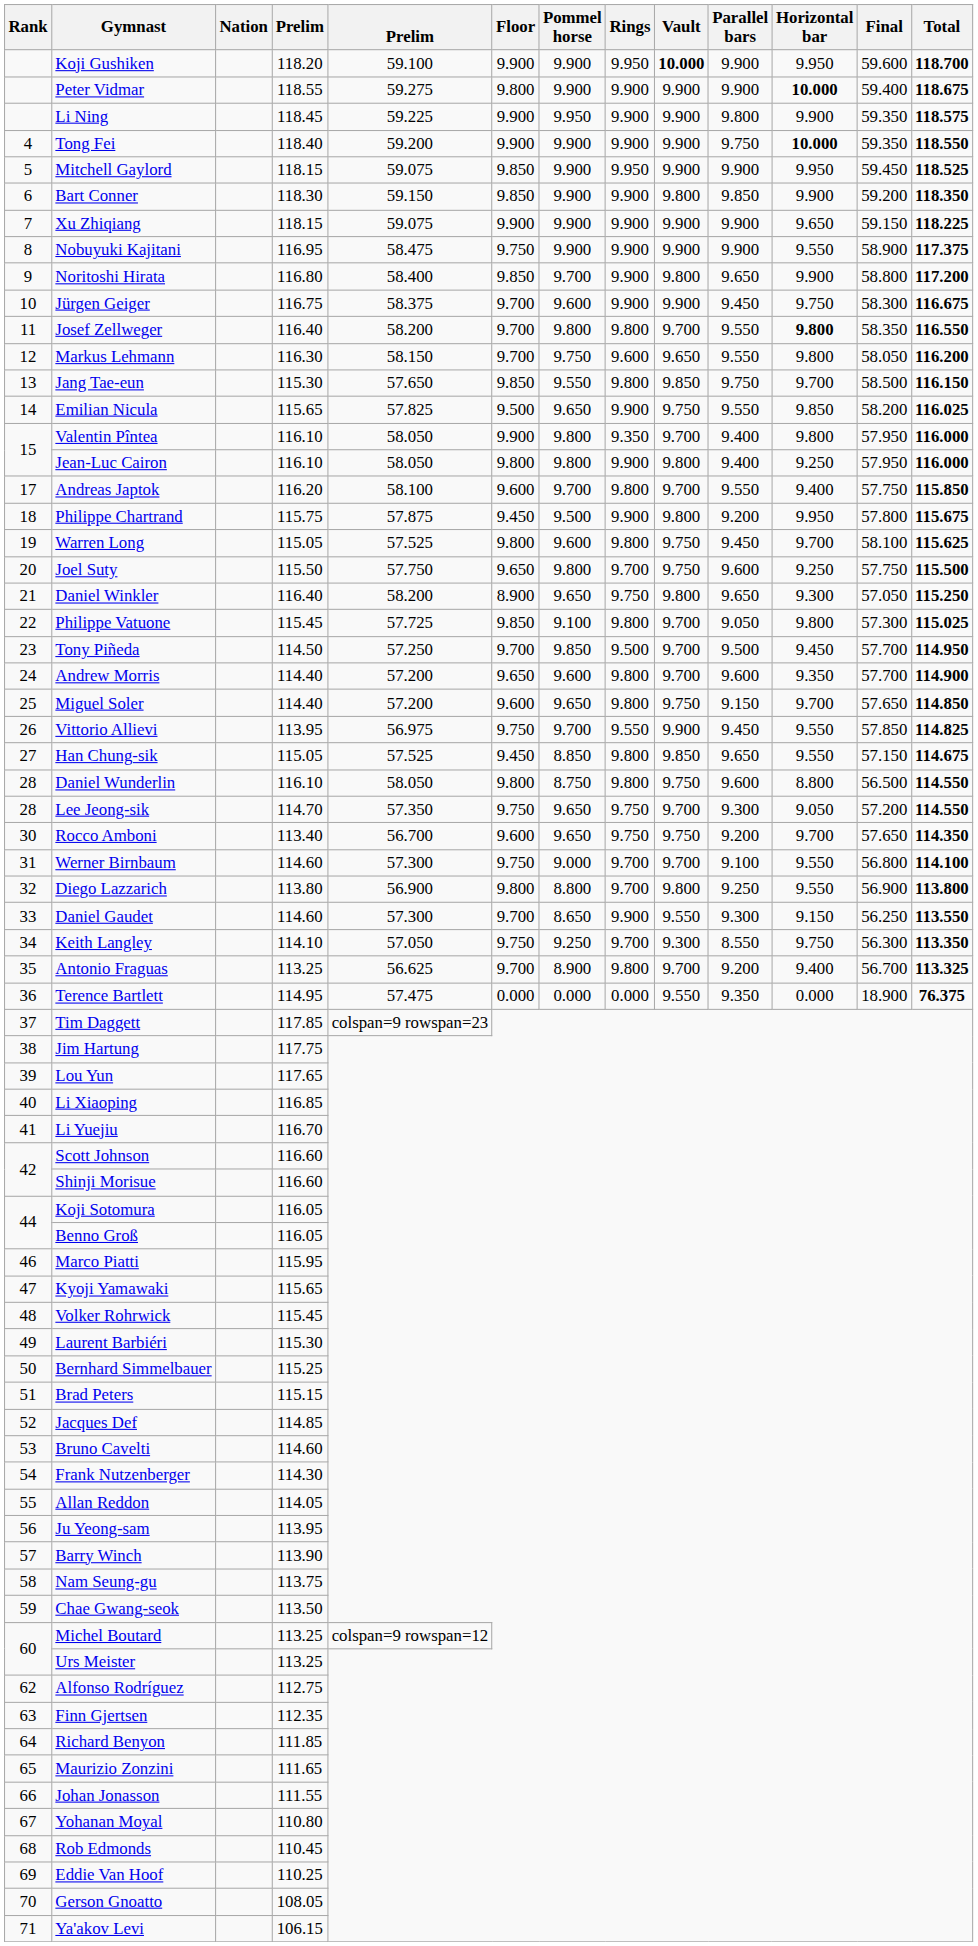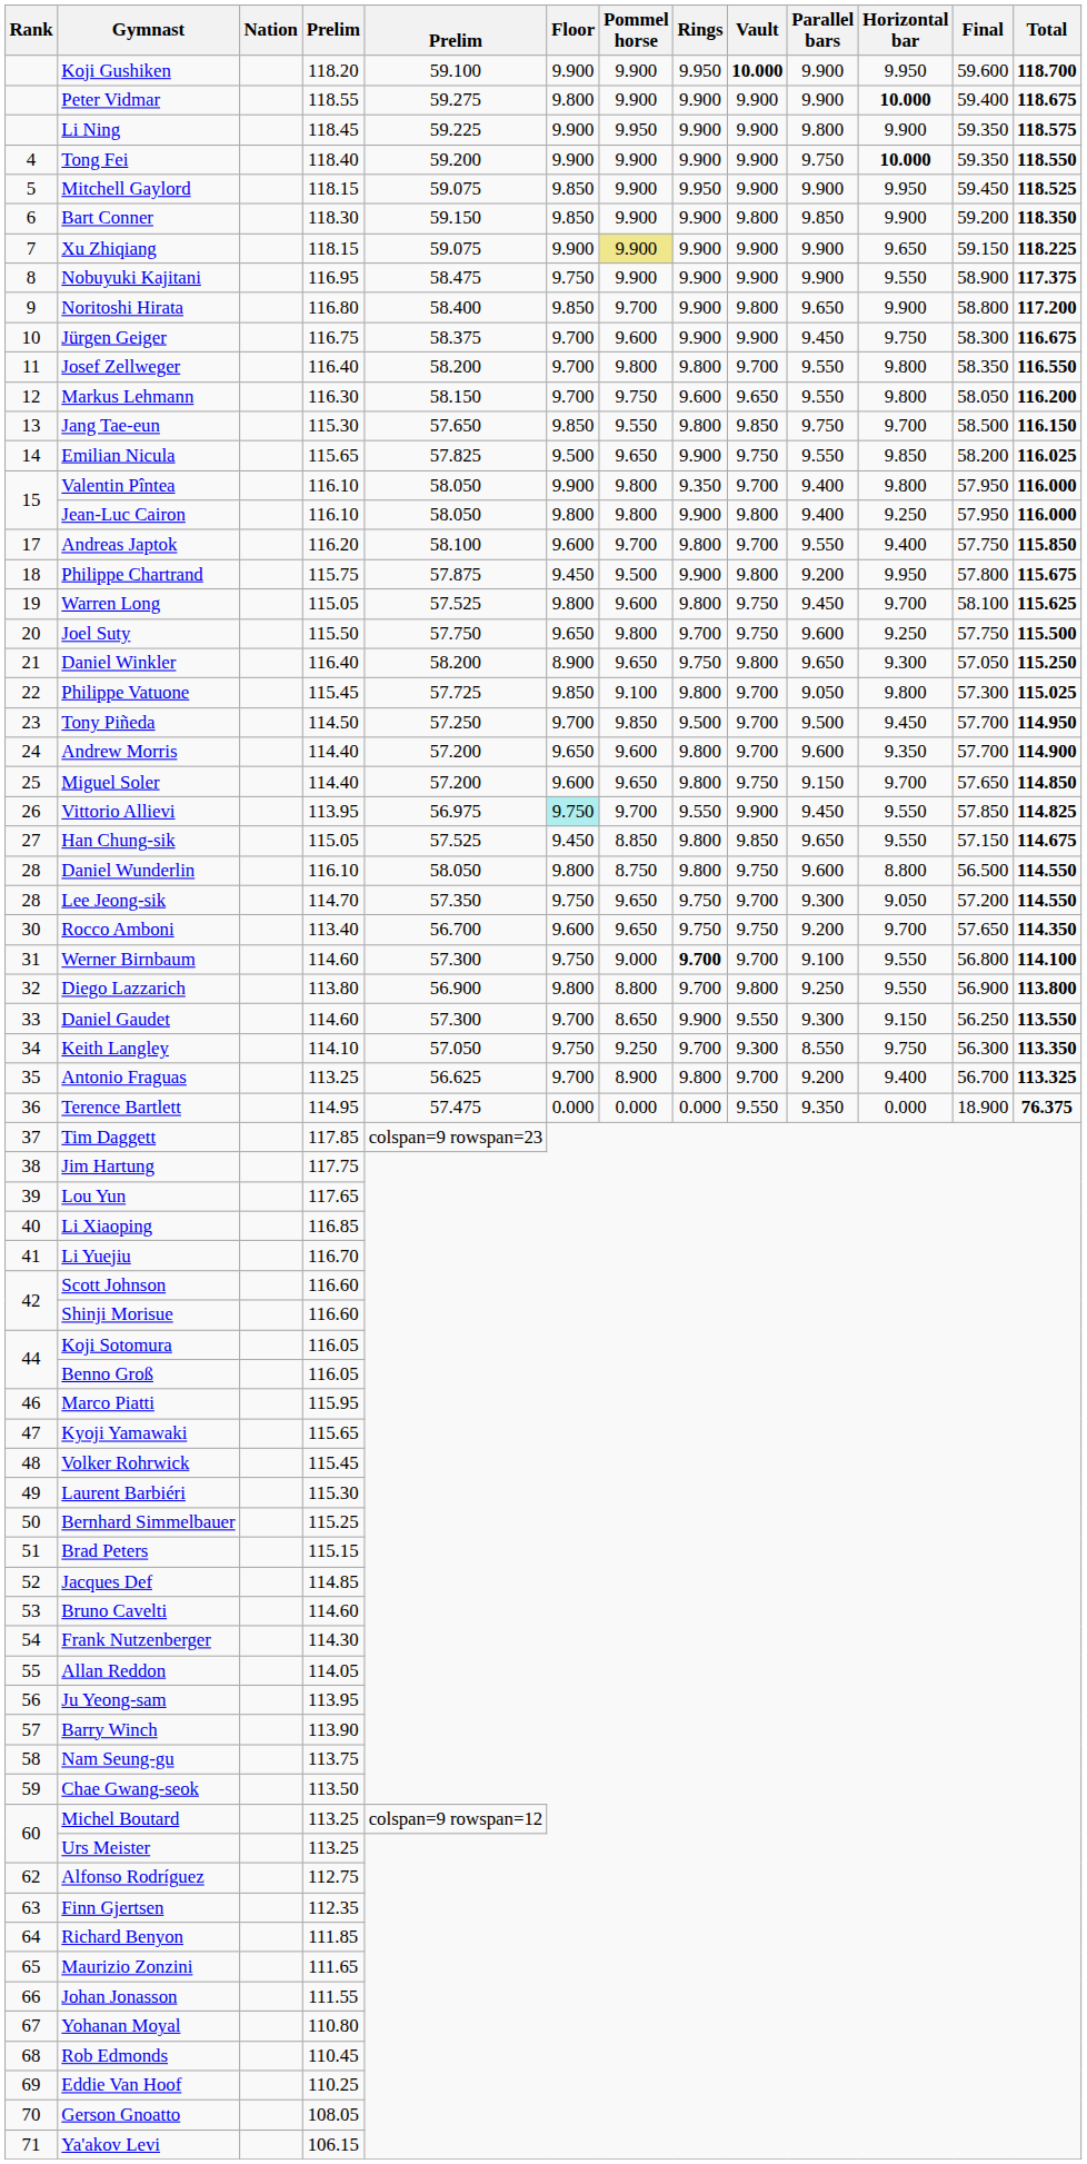 <table class="wikitable sortable" style="text-align:center">
 <tr>
 <th>Rank</th>
 <th>Gymnast</th>
 <th>Nation</th>
 <th>Prelim</th>
 <th><br>Prelim</th>
 <th>Floor</th>
 <th>Pommel<br>horse</th>
 <th>Rings</th>
 <th>Vault</th>
 <th>Parallel<br>bars</th>
 <th>Horizontal<br>bar</th>
 <th>Final</th>
 <th>Total</th>
 </tr>
 <tr>
 <td></td>
 <td align=left><a href='#'>Koji Gushiken</a></td>
 <td align=left></td>
 <td>118.20</td>
 <td>59.100</td>
 <td>9.900</td>
 <td>9.900</td>
 <td>9.950</td>
 <td><strong>10.000</strong></td>
 <td>9.900</td>
 <td>9.950</td>
 <td>59.600</td>
 <td><strong>118.700</strong></td>
 </tr>
 <tr>
 <td></td>
 <td align=left><a href='#'>Peter Vidmar</a></td>
 <td align=left></td>
 <td>118.55</td>
 <td>59.275</td>
 <td>9.800</td>
 <td>9.900</td>
 <td>9.900</td>
 <td>9.900</td>
 <td>9.900</td>
 <td><strong>10.000</strong></td>
 <td>59.400</td>
 <td><strong>118.675</strong></td>
 </tr>
 <tr>
 <td></td>
 <td align=left><a href='#'>Li Ning</a></td>
 <td align=left></td>
 <td>118.45</td>
 <td>59.225</td>
 <td>9.900</td>
 <td>9.950</td>
 <td>9.900</td>
 <td>9.900</td>
 <td>9.800</td>
 <td>9.900</td>
 <td>59.350</td>
 <td><strong>118.575</strong></td>
 </tr>
 <tr>
 <td>4</td>
 <td align=left><a href='#'>Tong Fei</a></td>
 <td align=left></td>
 <td>118.40</td>
 <td>59.200</td>
 <td>9.900</td>
 <td>9.900</td>
 <td>9.900</td>
 <td>9.900</td>
 <td>9.750</td>
 <td><strong>10.000</strong></td>
 <td>59.350</td>
 <td><strong>118.550</strong></td>
 </tr>
 <tr>
 <td>5</td>
 <td align=left><a href='#'>Mitchell Gaylord</a></td>
 <td align=left></td>
 <td>118.15</td>
 <td>59.075</td>
 <td>9.850</td>
 <td>9.900</td>
 <td>9.950</td>
 <td>9.900</td>
 <td>9.900</td>
 <td>9.950</td>
 <td>59.450</td>
 <td><strong>118.525</strong></td>
 </tr>
 <tr>
 <td>6</td>
 <td align=left><a href='#'>Bart Conner</a></td>
 <td align=left></td>
 <td>118.30</td>
 <td>59.150</td>
 <td>9.850</td>
 <td>9.900</td>
 <td>9.900</td>
 <td>9.800</td>
 <td>9.850</td>
 <td>9.900</td>
 <td>59.200</td>
 <td><strong>118.350</strong></td>
 </tr>
 <tr>
 <td>7</td>
 <td align=left><a href='#'>Xu Zhiqiang</a></td>
 <td align=left></td>
 <td>118.15</td>
 <td>59.075</td>
 <td>9.900</td>
-<td>9.900</td>
+<td style="background: khaki;">9.900</td>
 <td>9.900</td>
 <td>9.900</td>
 <td>9.900</td>
 <td>9.650</td>
 <td>59.150</td>
 <td><strong>118.225</strong></td>
 </tr>
 <tr>
 <td>8</td>
 <td align=left><a href='#'>Nobuyuki Kajitani</a></td>
 <td align=left></td>
 <td>116.95</td>
 <td>58.475</td>
 <td>9.750</td>
 <td>9.900</td>
 <td>9.900</td>
 <td>9.900</td>
 <td>9.900</td>
 <td>9.550</td>
 <td>58.900</td>
 <td><strong>117.375</strong></td>
 </tr>
 <tr>
 <td>9</td>
 <td align=left><a href='#'>Noritoshi Hirata</a></td>
 <td align=left></td>
 <td>116.80</td>
 <td>58.400</td>
 <td>9.850</td>
 <td>9.700</td>
 <td>9.900</td>
 <td>9.800</td>
 <td>9.650</td>
 <td>9.900</td>
 <td>58.800</td>
 <td><strong>117.200</strong></td>
 </tr>
 <tr>
 <td>10</td>
 <td align=left><a href='#'>Jürgen Geiger</a></td>
 <td align=left></td>
 <td>116.75</td>
 <td>58.375</td>
 <td>9.700</td>
 <td>9.600</td>
 <td>9.900</td>
 <td>9.900</td>
 <td>9.450</td>
 <td>9.750</td>
 <td>58.300</td>
 <td><strong>116.675</strong></td>
 </tr>
 <tr>
 <td>11</td>
 <td align=left><a href='#'>Josef Zellweger</a></td>
 <td align=left></td>
 <td>116.40</td>
 <td>58.200</td>
 <td>9.700</td>
 <td>9.800</td>
 <td>9.800</td>
 <td>9.700</td>
 <td>9.550</td>
-<td><strong>9.800</strong></td>
+<td>9.800</td>
 <td>58.350</td>
 <td><strong>116.550</strong></td>
 </tr>
 <tr>
 <td>12</td>
 <td align=left><a href='#'>Markus Lehmann</a></td>
 <td align=left></td>
 <td>116.30</td>
 <td>58.150</td>
 <td>9.700</td>
 <td>9.750</td>
 <td>9.600</td>
 <td>9.650</td>
 <td>9.550</td>
 <td>9.800</td>
 <td>58.050</td>
 <td><strong>116.200</strong></td>
 </tr>
 <tr>
 <td>13</td>
 <td align=left><a href='#'>Jang Tae-eun</a></td>
 <td align=left></td>
 <td>115.30</td>
 <td>57.650</td>
 <td>9.850</td>
 <td>9.550</td>
 <td>9.800</td>
 <td>9.850</td>
 <td>9.750</td>
 <td>9.700</td>
 <td>58.500</td>
 <td><strong>116.150</strong></td>
 </tr>
 <tr>
 <td>14</td>
 <td align=left><a href='#'>Emilian Nicula</a></td>
 <td align=left></td>
 <td>115.65</td>
 <td>57.825</td>
 <td>9.500</td>
 <td>9.650</td>
 <td>9.900</td>
 <td>9.750</td>
 <td>9.550</td>
 <td>9.850</td>
 <td>58.200</td>
 <td><strong>116.025</strong></td>
 </tr>
 <tr>
 <td rowspan=2>15</td>
 <td align=left><a href='#'>Valentin Pîntea</a></td>
 <td align=left></td>
 <td>116.10</td>
 <td>58.050</td>
 <td>9.900</td>
 <td>9.800</td>
 <td>9.350</td>
 <td>9.700</td>
 <td>9.400</td>
 <td>9.800</td>
 <td>57.950</td>
 <td><strong>116.000</strong></td>
 </tr>
 <tr>
 <td align=left><a href='#'>Jean-Luc Cairon</a></td>
 <td align=left></td>
 <td>116.10</td>
 <td>58.050</td>
 <td>9.800</td>
 <td>9.800</td>
 <td>9.900</td>
 <td>9.800</td>
 <td>9.400</td>
 <td>9.250</td>
 <td>57.950</td>
 <td><strong>116.000</strong></td>
 </tr>
 <tr>
 <td>17</td>
 <td align=left><a href='#'>Andreas Japtok</a></td>
 <td align=left></td>
 <td>116.20</td>
 <td>58.100</td>
 <td>9.600</td>
 <td>9.700</td>
 <td>9.800</td>
 <td>9.700</td>
 <td>9.550</td>
 <td>9.400</td>
 <td>57.750</td>
 <td><strong>115.850</strong></td>
 </tr>
 <tr>
 <td>18</td>
 <td align=left><a href='#'>Philippe Chartrand</a></td>
 <td align=left></td>
 <td>115.75</td>
 <td>57.875</td>
 <td>9.450</td>
 <td>9.500</td>
 <td>9.900</td>
 <td>9.800</td>
 <td>9.200</td>
 <td>9.950</td>
 <td>57.800</td>
 <td><strong>115.675</strong></td>
 </tr>
 <tr>
 <td>19</td>
 <td align=left><a href='#'>Warren Long</a></td>
 <td align=left></td>
 <td>115.05</td>
 <td>57.525</td>
 <td>9.800</td>
 <td>9.600</td>
 <td>9.800</td>
 <td>9.750</td>
 <td>9.450</td>
 <td>9.700</td>
 <td>58.100</td>
 <td><strong>115.625</strong></td>
 </tr>
 <tr>
 <td>20</td>
 <td align=left><a href='#'>Joel Suty</a></td>
 <td align=left></td>
 <td>115.50</td>
 <td>57.750</td>
 <td>9.650</td>
 <td>9.800</td>
 <td>9.700</td>
 <td>9.750</td>
 <td>9.600</td>
 <td>9.250</td>
 <td>57.750</td>
 <td><strong>115.500</strong></td>
 </tr>
 <tr>
 <td>21</td>
 <td align=left><a href='#'>Daniel Winkler</a></td>
 <td align=left></td>
 <td>116.40</td>
 <td>58.200</td>
 <td>8.900</td>
 <td>9.650</td>
 <td>9.750</td>
 <td>9.800</td>
 <td>9.650</td>
 <td>9.300</td>
 <td>57.050</td>
 <td><strong>115.250</strong></td>
 </tr>
 <tr>
 <td>22</td>
 <td align=left><a href='#'>Philippe Vatuone</a></td>
 <td align=left></td>
 <td>115.45</td>
 <td>57.725</td>
 <td>9.850</td>
 <td>9.100</td>
 <td>9.800</td>
 <td>9.700</td>
 <td>9.050</td>
 <td>9.800</td>
 <td>57.300</td>
 <td><strong>115.025</strong></td>
 </tr>
 <tr>
 <td>23</td>
 <td align=left><a href='#'>Tony Piñeda</a></td>
 <td align=left></td>
 <td>114.50</td>
 <td>57.250</td>
 <td>9.700</td>
 <td>9.850</td>
 <td>9.500</td>
 <td>9.700</td>
 <td>9.500</td>
 <td>9.450</td>
 <td>57.700</td>
 <td><strong>114.950</strong></td>
 </tr>
 <tr>
 <td>24</td>
 <td align=left><a href='#'>Andrew Morris</a></td>
 <td align=left></td>
 <td>114.40</td>
 <td>57.200</td>
 <td>9.650</td>
 <td>9.600</td>
 <td>9.800</td>
 <td>9.700</td>
 <td>9.600</td>
 <td>9.350</td>
 <td>57.700</td>
 <td><strong>114.900</strong></td>
 </tr>
 <tr>
 <td>25</td>
 <td align=left><a href='#'>Miguel Soler</a></td>
 <td align=left></td>
 <td>114.40</td>
 <td>57.200</td>
 <td>9.600</td>
 <td>9.650</td>
 <td>9.800</td>
 <td>9.750</td>
 <td>9.150</td>
 <td>9.700</td>
 <td>57.650</td>
 <td><strong>114.850</strong></td>
 </tr>
 <tr>
 <td>26</td>
 <td align=left><a href='#'>Vittorio Allievi</a></td>
 <td align=left></td>
 <td>113.95</td>
 <td>56.975</td>
-<td>9.750</td>
+<td style="background: paleturquoise;">9.750</td>
 <td>9.700</td>
 <td>9.550</td>
 <td>9.900</td>
 <td>9.450</td>
 <td>9.550</td>
 <td>57.850</td>
 <td><strong>114.825</strong></td>
 </tr>
 <tr>
 <td>27</td>
 <td align=left><a href='#'>Han Chung-sik</a></td>
 <td align=left></td>
 <td>115.05</td>
 <td>57.525</td>
 <td>9.450</td>
 <td>8.850</td>
 <td>9.800</td>
 <td>9.850</td>
 <td>9.650</td>
 <td>9.550</td>
 <td>57.150</td>
 <td><strong>114.675</strong></td>
 </tr>
 <tr>
 <td>28</td>
 <td align=left><a href='#'>Daniel Wunderlin</a></td>
 <td align=left></td>
 <td>116.10</td>
 <td>58.050</td>
 <td>9.800</td>
 <td>8.750</td>
 <td>9.800</td>
 <td>9.750</td>
 <td>9.600</td>
 <td>8.800</td>
 <td>56.500</td>
 <td><strong>114.550</strong></td>
 </tr>
 <tr>
 <td>28</td>
 <td align=left><a href='#'>Lee Jeong-sik</a></td>
 <td align=left></td>
 <td>114.70</td>
 <td>57.350</td>
 <td>9.750</td>
 <td>9.650</td>
 <td>9.750</td>
 <td>9.700</td>
 <td>9.300</td>
 <td>9.050</td>
 <td>57.200</td>
 <td><strong>114.550</strong></td>
 </tr>
 <tr>
 <td>30</td>
 <td align=left><a href='#'>Rocco Amboni</a></td>
 <td align=left></td>
 <td>113.40</td>
 <td>56.700</td>
 <td>9.600</td>
 <td>9.650</td>
 <td>9.750</td>
 <td>9.750</td>
 <td>9.200</td>
 <td>9.700</td>
 <td>57.650</td>
 <td><strong>114.350</strong></td>
 </tr>
 <tr>
 <td>31</td>
 <td align=left><a href='#'>Werner Birnbaum</a></td>
 <td align=left></td>
 <td>114.60</td>
 <td>57.300</td>
 <td>9.750</td>
 <td>9.000</td>
-<td>9.700</td>
+<td><strong>9.700</strong></td>
 <td>9.700</td>
 <td>9.100</td>
 <td>9.550</td>
 <td>56.800</td>
 <td><strong>114.100</strong></td>
 </tr>
 <tr>
 <td>32</td>
 <td align=left><a href='#'>Diego Lazzarich</a></td>
 <td align=left></td>
 <td>113.80</td>
 <td>56.900</td>
 <td>9.800</td>
 <td>8.800</td>
 <td>9.700</td>
 <td>9.800</td>
 <td>9.250</td>
 <td>9.550</td>
 <td>56.900</td>
 <td><strong>113.800</strong></td>
 </tr>
 <tr>
 <td>33</td>
 <td align=left><a href='#'>Daniel Gaudet</a></td>
 <td align=left></td>
 <td>114.60</td>
 <td>57.300</td>
 <td>9.700</td>
 <td>8.650</td>
 <td>9.900</td>
 <td>9.550</td>
 <td>9.300</td>
 <td>9.150</td>
 <td>56.250</td>
 <td><strong>113.550</strong></td>
 </tr>
 <tr>
 <td>34</td>
 <td align=left><a href='#'>Keith Langley</a></td>
 <td align=left></td>
 <td>114.10</td>
 <td>57.050</td>
 <td>9.750</td>
 <td>9.250</td>
 <td>9.700</td>
 <td>9.300</td>
 <td>8.550</td>
 <td>9.750</td>
 <td>56.300</td>
 <td><strong>113.350</strong></td>
 </tr>
 <tr>
 <td>35</td>
 <td align=left><a href='#'>Antonio Fraguas</a></td>
 <td align=left></td>
 <td>113.25</td>
 <td>56.625</td>
 <td>9.700</td>
 <td>8.900</td>
 <td>9.800</td>
 <td>9.700</td>
 <td>9.200</td>
 <td>9.400</td>
 <td>56.700</td>
 <td><strong>113.325</strong></td>
 </tr>
 <tr>
 <td>36</td>
 <td align=left><a href='#'>Terence Bartlett</a></td>
 <td align=left></td>
 <td>114.95</td>
 <td>57.475</td>
 <td>0.000</td>
 <td>0.000</td>
 <td>0.000</td>
 <td>9.550</td>
 <td>9.350</td>
 <td>0.000</td>
 <td>18.900</td>
 <td><strong>76.375</strong></td>
 </tr>
 <tr>
 <td>37</td>
 <td align=left><a href='#'>Tim Daggett</a></td>
 <td align="left"></td>
 <td>117.85</td>
 <td>colspan=9 rowspan=23 </td>
 </tr>
 <tr>
 <td>38</td>
 <td align=left><a href='#'>Jim Hartung</a></td>
 <td align="left"></td>
 <td>117.75</td>
 </tr>
 <tr>
 <td>39</td>
 <td align=left><a href='#'>Lou Yun</a></td>
 <td align="left"></td>
 <td>117.65</td>
 </tr>
 <tr>
 <td>40</td>
 <td align=left><a href='#'>Li Xiaoping</a></td>
 <td align="left"></td>
 <td>116.85</td>
 </tr>
 <tr>
 <td>41</td>
 <td align=left><a href='#'>Li Yuejiu</a></td>
 <td align="left"></td>
 <td>116.70</td>
 </tr>
 <tr>
 <td rowspan=2>42</td>
 <td align=left><a href='#'>Scott Johnson</a></td>
 <td align="left"></td>
 <td>116.60</td>
 </tr>
 <tr>
 <td align=left><a href='#'>Shinji Morisue</a></td>
 <td align="left"></td>
 <td>116.60</td>
 </tr>
 <tr>
 <td rowspan=2>44</td>
 <td align=left><a href='#'>Koji Sotomura</a></td>
 <td align="left"></td>
 <td>116.05</td>
 </tr>
 <tr>
 <td align=left><a href='#'>Benno Groß</a></td>
 <td align="left"></td>
 <td>116.05</td>
 </tr>
 <tr>
 <td>46</td>
 <td align=left><a href='#'>Marco Piatti</a></td>
 <td align="left"></td>
 <td>115.95</td>
 </tr>
 <tr>
 <td>47</td>
 <td align=left><a href='#'>Kyoji Yamawaki</a></td>
 <td align="left"></td>
 <td>115.65</td>
 </tr>
 <tr>
 <td>48</td>
 <td align=left><a href='#'>Volker Rohrwick</a></td>
 <td align="left"></td>
 <td>115.45</td>
 </tr>
 <tr>
 <td>49</td>
 <td align=left><a href='#'>Laurent Barbiéri</a></td>
 <td align="left"></td>
 <td>115.30</td>
 </tr>
 <tr>
 <td>50</td>
 <td align=left><a href='#'>Bernhard Simmelbauer</a></td>
 <td align="left"></td>
 <td>115.25</td>
 </tr>
 <tr>
 <td>51</td>
 <td align=left><a href='#'>Brad Peters</a></td>
 <td align="left"></td>
 <td>115.15</td>
 </tr>
 <tr>
 <td>52</td>
 <td align=left><a href='#'>Jacques Def</a></td>
 <td align="left"></td>
 <td>114.85</td>
 </tr>
 <tr>
 <td>53</td>
 <td align=left><a href='#'>Bruno Cavelti</a></td>
 <td align="left"></td>
 <td>114.60</td>
 </tr>
 <tr>
 <td>54</td>
 <td align=left><a href='#'>Frank Nutzenberger</a></td>
 <td align="left"></td>
 <td>114.30</td>
 </tr>
 <tr>
 <td>55</td>
 <td align=left><a href='#'>Allan Reddon</a></td>
 <td align="left"></td>
 <td>114.05</td>
 </tr>
 <tr>
 <td>56</td>
 <td align=left><a href='#'>Ju Yeong-sam</a></td>
 <td align="left"></td>
 <td>113.95</td>
 </tr>
 <tr>
 <td>57</td>
 <td align=left><a href='#'>Barry Winch</a></td>
 <td align="left"></td>
 <td>113.90</td>
 </tr>
 <tr>
 <td>58</td>
 <td align=left><a href='#'>Nam Seung-gu</a></td>
 <td align="left"></td>
 <td>113.75</td>
 </tr>
 <tr>
 <td>59</td>
 <td align=left><a href='#'>Chae Gwang-seok</a></td>
 <td align="left"></td>
 <td>113.50</td>
 </tr>
 <tr>
 <td rowspan=2>60</td>
 <td align=left><a href='#'>Michel Boutard</a></td>
 <td align="left"></td>
 <td>113.25</td>
 <td>colspan=9 rowspan=12 </td>
 </tr>
 <tr>
 <td align=left><a href='#'>Urs Meister</a></td>
 <td align="left"></td>
 <td>113.25</td>
 </tr>
 <tr>
 <td>62</td>
 <td align=left><a href='#'>Alfonso Rodríguez</a></td>
 <td align="left"></td>
 <td>112.75</td>
 </tr>
 <tr>
 <td>63</td>
 <td align=left><a href='#'>Finn Gjertsen</a></td>
 <td align="left"></td>
 <td>112.35</td>
 </tr>
 <tr>
 <td>64</td>
 <td align=left><a href='#'>Richard Benyon</a></td>
 <td align="left"></td>
 <td>111.85</td>
 </tr>
 <tr>
 <td>65</td>
 <td align=left><a href='#'>Maurizio Zonzini</a></td>
 <td align="left"></td>
 <td>111.65</td>
 </tr>
 <tr>
 <td>66</td>
 <td align=left><a href='#'>Johan Jonasson</a></td>
 <td align="left"></td>
 <td>111.55</td>
 </tr>
 <tr>
 <td>67</td>
 <td align=left><a href='#'>Yohanan Moyal</a></td>
 <td align="left"></td>
 <td>110.80</td>
 </tr>
 <tr>
 <td>68</td>
 <td align=left><a href='#'>Rob Edmonds</a></td>
 <td align="left"></td>
 <td>110.45</td>
 </tr>
 <tr>
 <td>69</td>
 <td align=left><a href='#'>Eddie Van Hoof</a></td>
 <td align="left"></td>
 <td>110.25</td>
 </tr>
 <tr>
 <td>70</td>
 <td align=left><a href='#'>Gerson Gnoatto</a></td>
 <td align="left"></td>
 <td>108.05</td>
 </tr>
 <tr>
 <td>71</td>
 <td align=left><a href='#'>Ya'akov Levi</a></td>
 <td align="left"></td>
 <td>106.15</td>
 </tr>
 </table>
